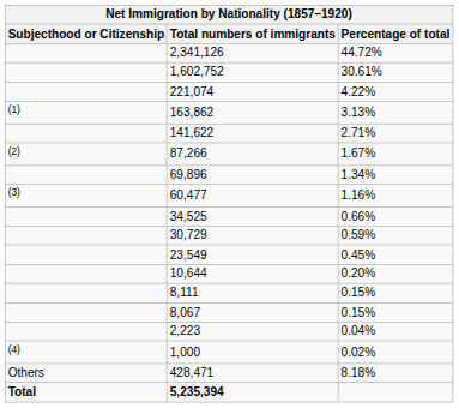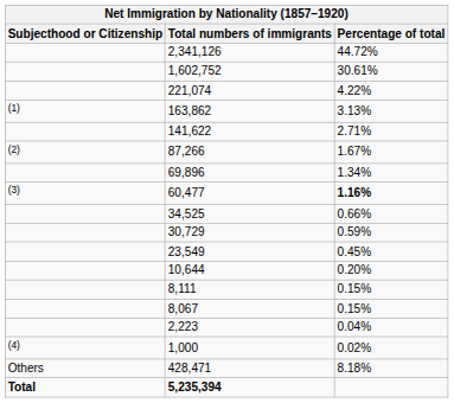 <table class="wikitable" style="text-align: style="text-align:center">
 <tr>
 <th colspan=3>Net Immigration by Nationality (1857–1920)</th>
 </tr>
 <tr>
 <th>Subjecthood or Citizenship</th>
 <th>Total numbers of immigrants</th>
 <th>Percentage of total</th>
 </tr>
 <tr>
 <td style="text-align:left;"></td>
 <td>2,341,126</td>
 <td>44.72%</td>
 </tr>
 <tr>
 <td style="text-align:left;"></td>
 <td>1,602,752</td>
 <td>30.61%</td>
 </tr>
 <tr>
 <td style="text-align:left;"></td>
 <td>221,074</td>
 <td>4.22%</td>
 </tr>
 <tr>
 <td style="text-align:left;"> <sup>(1)</sup></td>
 <td>163,862</td>
 <td>3.13%</td>
 </tr>
 <tr>
 <td style="text-align:left;"></td>
 <td>141,622</td>
 <td>2.71%</td>
 </tr>
 <tr>
 <td style="text-align:left;"> <sup>(2)</sup></td>
 <td>87,266</td>
 <td>1.67%</td>
 </tr>
 <tr>
 <td style="text-align:left;"></td>
 <td>69,896</td>
 <td>1.34%</td>
 </tr>
 <tr>
 <td style="text-align:left;"> <sup>(3)</sup></td>
 <td>60,477</td>
-<td>1.16%</td>
+<td><strong>1.16%</strong></td>
 </tr>
 <tr>
 <td style="text-align:left;"></td>
 <td>34,525</td>
 <td>0.66%</td>
 </tr>
 <tr>
 <td style="text-align:left;"></td>
 <td>30,729</td>
 <td>0.59%</td>
 </tr>
 <tr>
 <td style="text-align:left;"></td>
 <td>23,549</td>
 <td>0.45%</td>
 </tr>
 <tr>
 <td style="text-align:left;"></td>
 <td>10,644</td>
 <td>0.20%</td>
 </tr>
 <tr>
 <td style="text-align:left;"></td>
 <td>8,111</td>
 <td>0.15%</td>
 </tr>
 <tr>
 <td style="text-align:left;"></td>
 <td>8,067</td>
 <td>0.15%</td>
 </tr>
 <tr>
 <td style="text-align:left;"></td>
 <td>2,223</td>
 <td>0.04%</td>
 </tr>
 <tr>
 <td style="text-align:left;"><sup>(4)</sup></td>
 <td>1,000</td>
 <td>0.02%</td>
 </tr>
 <tr>
 <td style="text-align:left;">Others</td>
 <td>428,471</td>
 <td>8.18%</td>
 </tr>
 <tr>
 <td style="text-align:left;"><strong>Total</strong></td>
 <td><strong>5,235,394</strong></td>
 <td></td>
 </tr>
 </table>
